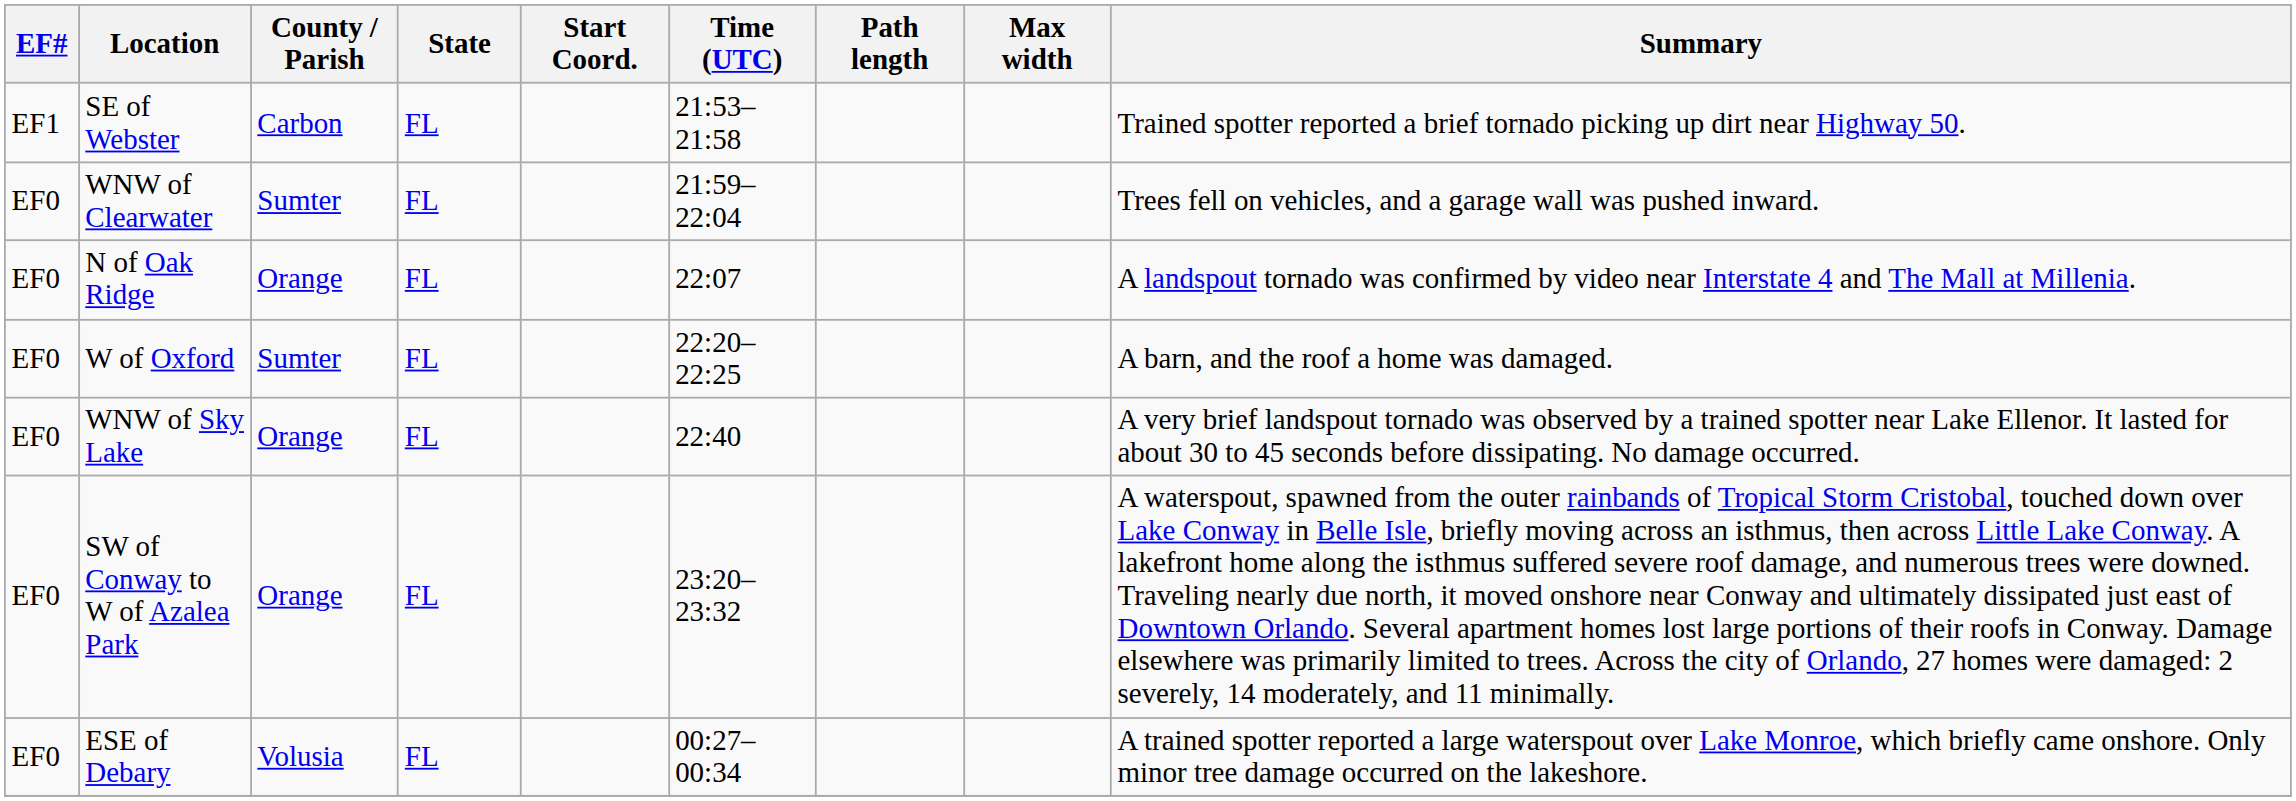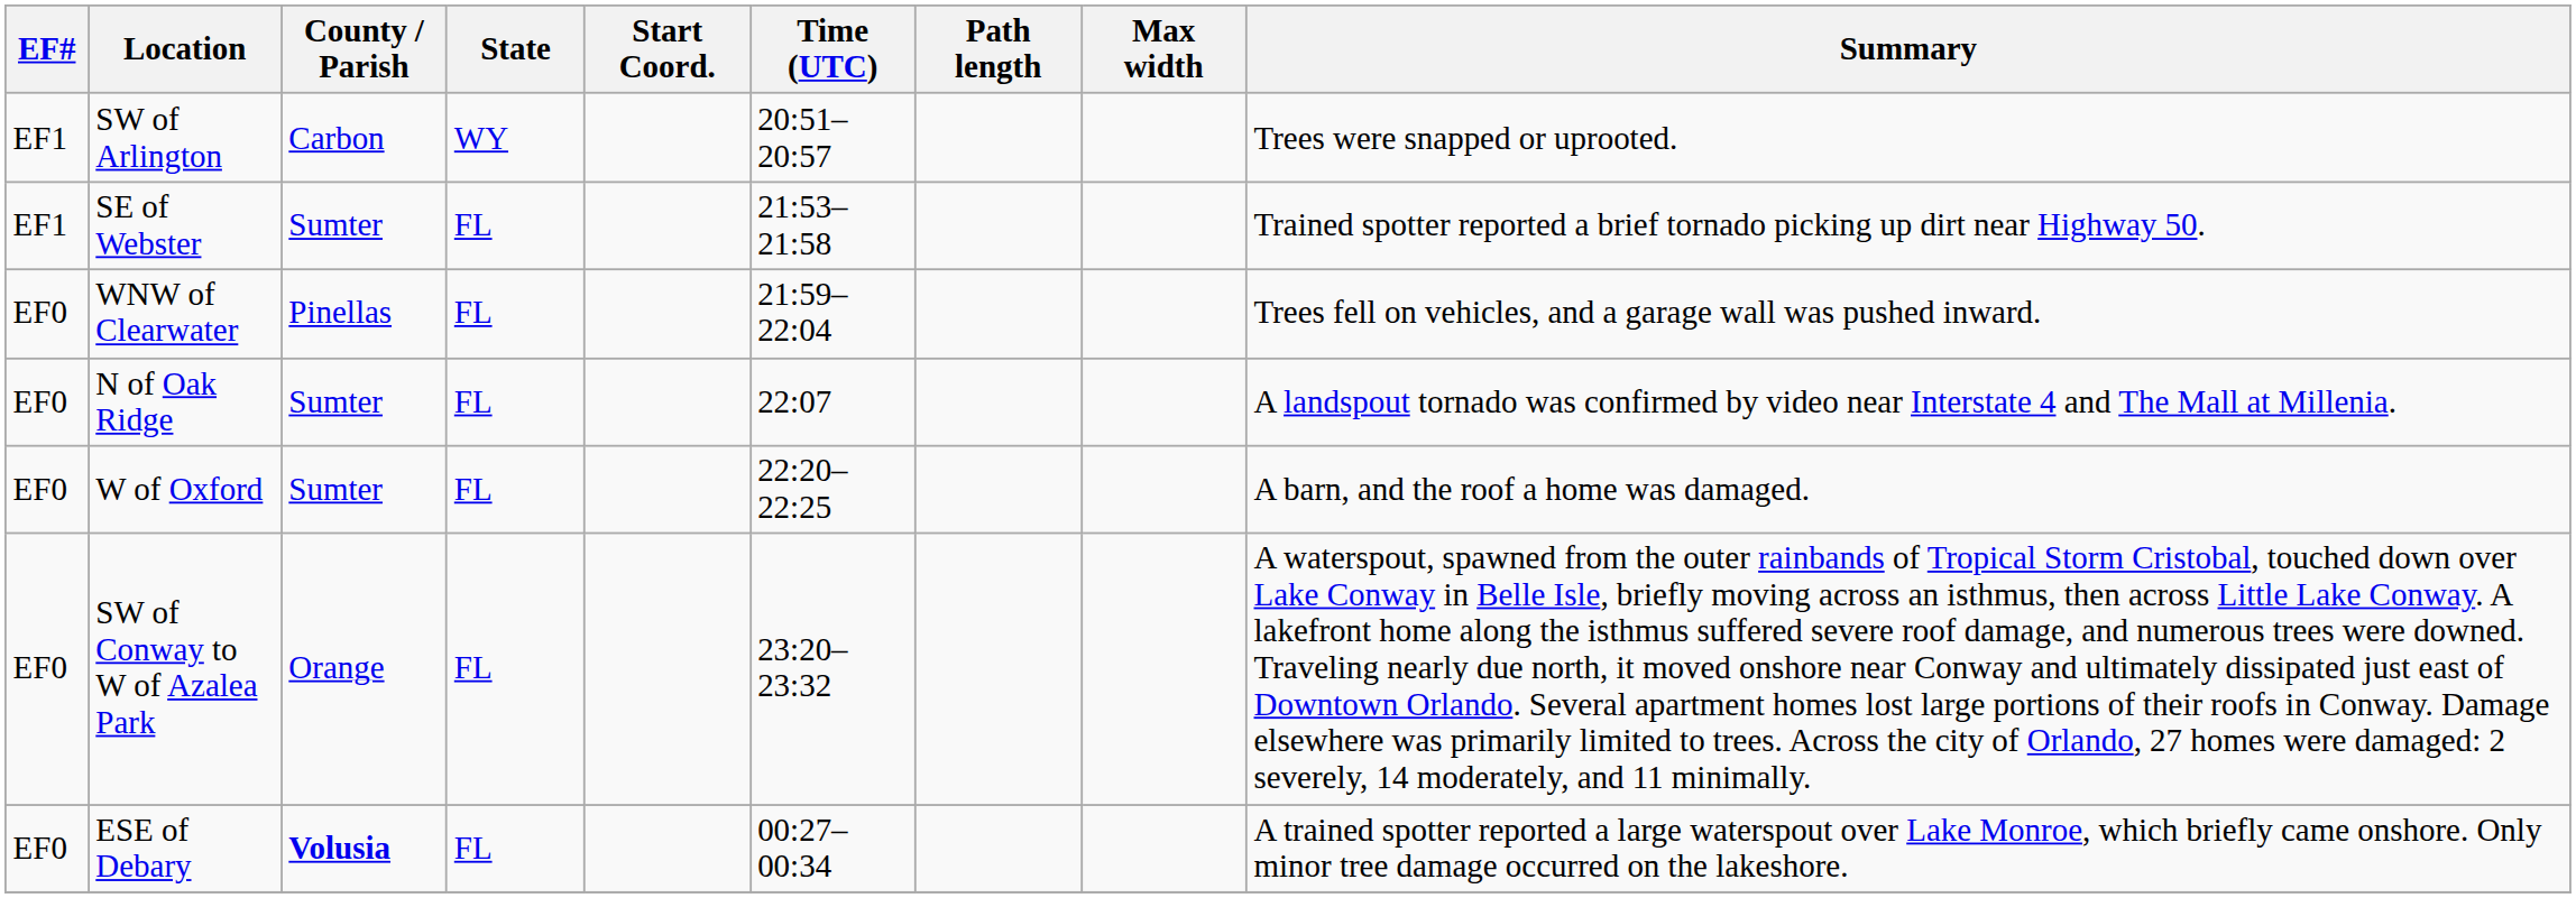 <table class="wikitable sortable" style="width:100%;">
 <tr>
 <th scope="col"  style="width:3%; text-align:center;"><a href='#'>EF#</a></th>
 <th scope="col"  style="width:7%; text-align:center;" class="unsortable">Location</th>
 <th scope="col"  style="width:6%; text-align:center;" class="unsortable">County / Parish</th>
 <th scope="col"  style="width:5%; text-align:center;">State</th>
 <th scope="col"  style="width:6%; text-align:center;">Start Coord.</th>
 <th scope="col"  style="width:6%; text-align:center;">Time (<a href='#'>UTC</a>)</th>
 <th scope="col"  style="width:6%; text-align:center;">Path length</th>
 <th scope="col"  style="width:6%; text-align:center;">Max width</th>
 <th scope="col" class="unsortable" style="width:48%; text-align:center;">Summary</th>
 </tr>
 <tr>
 <td>EF1</td>
+<td>SW of <a href='#'>Arlington</a></td>
+<td><a href='#'>Carbon</a></td>
+<td><a href='#'>WY</a></td>
+<td></td>
+<td>20:51–20:57</td>
+<td></td>
+<td></td>
+<td>Trees were snapped or uprooted.</td>
+</tr>
+<tr>
+<td>EF1</td>
 <td>SE of <a href='#'>Webster</a></td>
-<td><a href='#'>Carbon</a></td>
+<td><a href='#'>Sumter</a></td>
 <td><a href='#'>FL</a></td>
 <td></td>
 <td>21:53–21:58</td>
 <td></td>
 <td></td>
 <td>Trained spotter reported a brief tornado picking up dirt near <a href='#'>Highway 50</a>.</td>
 </tr>
 <tr>
 <td>EF0</td>
 <td>WNW of <a href='#'>Clearwater</a></td>
-<td><a href='#'>Sumter</a></td>
+<td><a href='#'>Pinellas</a></td>
 <td><a href='#'>FL</a></td>
 <td></td>
 <td>21:59–22:04</td>
 <td></td>
 <td></td>
 <td>Trees fell on vehicles, and a garage wall was pushed inward.</td>
 </tr>
 <tr>
 <td>EF0</td>
 <td>N of <a href='#'>Oak Ridge</a></td>
-<td><a href='#'>Orange</a></td>
+<td><a href='#'>Sumter</a></td>
 <td><a href='#'>FL</a></td>
 <td></td>
 <td>22:07</td>
 <td></td>
 <td></td>
 <td>A <a href='#'>landspout</a> tornado was confirmed by video near <a href='#'>Interstate 4</a> and <a href='#'>The Mall at Millenia</a>.</td>
 </tr>
 <tr>
 <td>EF0</td>
 <td>W of <a href='#'>Oxford</a></td>
 <td><a href='#'>Sumter</a></td>
 <td><a href='#'>FL</a></td>
 <td></td>
 <td>22:20–22:25</td>
 <td></td>
 <td></td>
 <td>A barn, and the roof a home was damaged.</td>
 </tr>
 <tr>
 <td>EF0</td>
-<td>WNW of <a href='#'>Sky Lake</a></td>
-<td><a href='#'>Orange</a></td>
-<td><a href='#'>FL</a></td>
-<td></td>
-<td>22:40</td>
-<td></td>
-<td></td>
-<td>A very brief landspout tornado was observed by a trained spotter near Lake Ellenor. It lasted for about 30 to 45 seconds before dissipating. No damage occurred.</td>
-</tr>
-<tr>
-<td>EF0</td>
 <td>SW of <a href='#'>Conway</a> to W of <a href='#'>Azalea Park</a></td>
 <td><a href='#'>Orange</a></td>
 <td><a href='#'>FL</a></td>
 <td></td>
 <td>23:20–23:32</td>
 <td></td>
 <td></td>
 <td>A waterspout, spawned from the outer <a href='#'>rainbands</a> of <a href='#'>Tropical Storm Cristobal</a>, touched down over <a href='#'>Lake Conway</a> in <a href='#'>Belle Isle</a>, briefly moving across an isthmus, then across <a href='#'>Little Lake Conway</a>. A lakefront home along the isthmus suffered severe roof damage, and numerous trees were downed. Traveling nearly due north, it moved onshore near Conway and ultimately dissipated just east of <a href='#'>Downtown Orlando</a>. Several apartment homes lost large portions of their roofs in Conway. Damage elsewhere was primarily limited to trees. Across the city of <a href='#'>Orlando</a>, 27 homes were damaged: 2 severely, 14 moderately, and 11 minimally.</td>
 </tr>
 <tr>
 <td>EF0</td>
 <td>ESE of <a href='#'>Debary</a></td>
-<td><a href='#'>Volusia</a></td>
+<td><strong><a href='#'>Volusia</a></strong></td>
 <td><a href='#'>FL</a></td>
 <td></td>
 <td>00:27–00:34</td>
 <td></td>
 <td></td>
 <td>A trained spotter reported a large waterspout over <a href='#'>Lake Monroe</a>, which briefly came onshore. Only minor tree damage occurred on the lakeshore.</td>
 </tr>
 <tr>
 </tr>
 </table>
